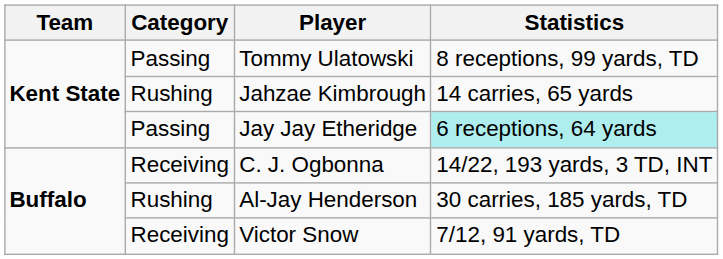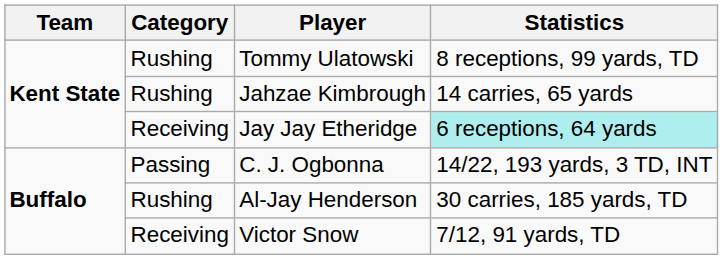 <table class="wikitable" style="float: right;">
 <tr>
 <th>Team</th>
 <th>Category</th>
 <th>Player</th>
 <th>Statistics</th>
 </tr>
 <tr>
 <td rowspan=3><strong>Kent State</strong></td>
-<td>Passing</td>
+<td>Rushing</td>
 <td>Tommy Ulatowski</td>
 <td>8 receptions, 99 yards, TD</td>
 </tr>
 <tr>
 <td>Rushing</td>
 <td>Jahzae Kimbrough</td>
 <td>14 carries, 65 yards</td>
 </tr>
 <tr>
-<td>Passing</td>
+<td>Receiving</td>
 <td>Jay Jay Etheridge</td>
 <td style="background: paleturquoise;">6 receptions, 64 yards</td>
 </tr>
 <tr>
 <td rowspan=3><strong>Buffalo</strong></td>
-<td>Receiving</td>
+<td>Passing</td>
 <td>C. J. Ogbonna</td>
 <td>14/22, 193 yards, 3 TD, INT</td>
 </tr>
 <tr>
 <td>Rushing</td>
 <td>Al-Jay Henderson</td>
 <td>30 carries, 185 yards, TD</td>
 </tr>
 <tr>
 <td>Receiving</td>
 <td>Victor Snow</td>
 <td>7/12, 91 yards, TD</td>
 </tr>
 </table>
